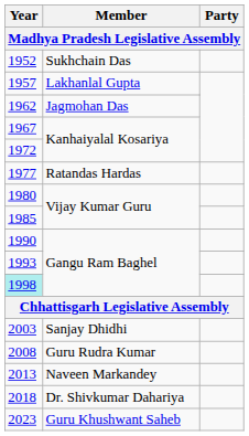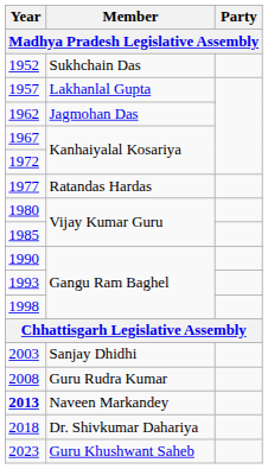 <table class="wikitable">
 <tr>
 <th>Year</th>
 <th>Member</th>
 <th colspan="2">Party</th>
 </tr>
 <tr>
 <th colspan=4><a href='#'>Madhya Pradesh Legislative Assembly</a></th>
 </tr>
 <tr>
 <td rowspan="2"><a href='#'>1952</a></td>
 <td>Sukhchain Das</td>
 <td></td>
 </tr>
 <tr>
 <td rowspan="2"><a href='#'>Lakhanlal Gupta</a></td>
 </tr>
 <tr>
 <td rowspan="2"><a href='#'>1957</a></td>
 </tr>
 <tr>
 <td rowspan="2"><a href='#'>Jagmohan Das</a></td>
 </tr>
 <tr>
 <td><a href='#'>1962</a></td>
 </tr>
 <tr>
 <td><a href='#'>1967</a></td>
 <td rowspan="2">Kanhaiyalal Kosariya</td>
 </tr>
 <tr>
 <td><a href='#'>1972</a></td>
 </tr>
 <tr>
 <td><a href='#'>1977</a></td>
 <td>Ratandas Hardas</td>
 <td></td>
 </tr>
 <tr>
 <td><a href='#'>1980</a></td>
 <td rowspan="2">Vijay Kumar Guru</td>
 <td></td>
 </tr>
 <tr>
 <td><a href='#'>1985</a></td>
 <td></td>
 </tr>
 <tr>
 <td><a href='#'>1990</a></td>
 <td rowspan="3">Gangu Ram Baghel</td>
 <td></td>
 </tr>
 <tr>
 <td><a href='#'>1993</a></td>
 </tr>
 <tr>
-<td style="background: paleturquoise;"><a href='#'>1998</a></td>
+<td><a href='#'>1998</a></td>
 <td></td>
 </tr>
 <tr>
 <th colspan=4><a href='#'>Chhattisgarh Legislative Assembly</a></th>
 </tr>
 <tr>
 <td><a href='#'>2003</a></td>
 <td>Sanjay Dhidhi</td>
 <td></td>
 </tr>
 <tr>
 <td><a href='#'>2008</a></td>
 <td>Guru Rudra Kumar</td>
 <td></td>
 </tr>
 <tr>
-<td><a href='#'>2013</a></td>
+<td><strong><a href='#'>2013</a></strong></td>
 <td>Naveen Markandey</td>
 <td></td>
 </tr>
 <tr>
 <td><a href='#'>2018</a></td>
 <td>Dr. Shivkumar Dahariya</td>
 <td></td>
 </tr>
 <tr>
 <td><a href='#'>2023</a></td>
 <td><a href='#'>Guru Khushwant Saheb</a></td>
 <td></td>
 </tr>
 </table>
